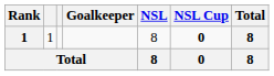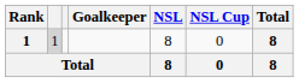 <table class="wikitable sortable" style="text-align:center">
 <tr>
 <th>Rank</th>
 <th></th>
 <th></th>
 <th>Goalkeeper</th>
 <th><a href='#'>NSL</a></th>
 <th><a href='#'>NSL Cup</a></th>
 <th>Total</th>
 </tr>
 <tr>
 <th>1</th>
-<td>1</td>
+<td style="background: lightgrey;">1</td>
 <td></td>
 <td align="left"></td>
 <td>8</td>
-<td><strong>0</strong></td>
+<td>0</td>
 <th>8</th>
 </tr>
 <tr>
 <th colspan="4">Total</th>
 <th>8</th>
 <th>0</th>
 <th>8</th>
 </tr>
 </table>
